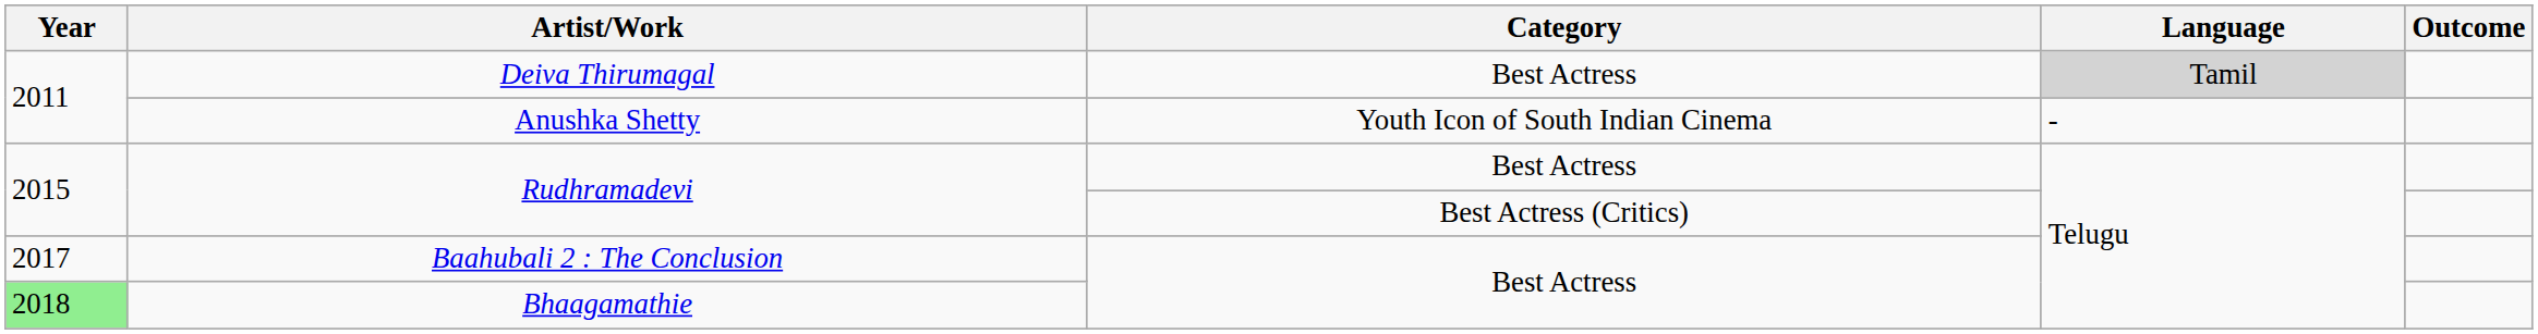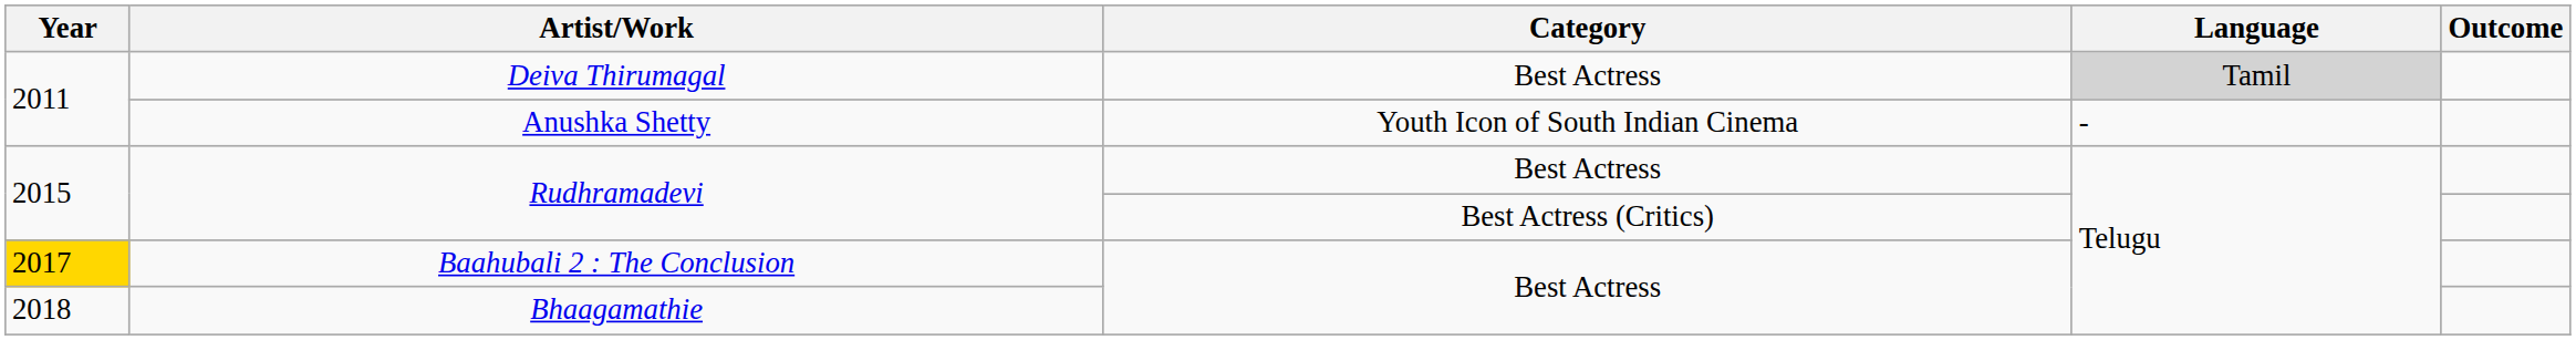 <table class="wikitable" style="width:70%;">
 <tr>
 <th width=5%>Year</th>
 <th style="width:40%;">Artist/Work</th>
 <th style="width:40%;">Category</th>
 <th style="width:40%;">Language</th>
 <th>Outcome</th>
 </tr>
 <tr>
 <td rowspan="2" style="text-align:left;">2011</td>
 <td style="text-align:center;"><em><a href='#'>Deiva Thirumagal</a></em></td>
 <td style="text-align:center;">Best Actress</td>
 <td style="background: lightgrey; text-align:center;">Tamil</td>
 <td></td>
 </tr>
 <tr>
 <td style="text-align:center;"><a href='#'>Anushka Shetty</a></td>
 <td style="text-align:center;">Youth Icon of South Indian Cinema</td>
 <td>-</td>
 <td></td>
 </tr>
 <tr>
 <td rowspan="2" style="text-align:left;">2015</td>
 <td rowspan="2" style="text-align:center;"><em><a href='#'>Rudhramadevi</a></em></td>
 <td style="text-align:center;">Best Actress</td>
 <td rowspan="4">Telugu</td>
 <td></td>
 </tr>
 <tr>
 <td style="text-align:center;">Best Actress (Critics)</td>
 <td></td>
 </tr>
 <tr>
-<td>2017</td>
+<td style="background: gold;">2017</td>
 <td style="text-align:center;"><a href='#'><em>Baahubali 2 : The Conclusion</em></a></td>
 <td style="text-align:center;" rowspan="2">Best Actress</td>
 <td></td>
 </tr>
 <tr>
-<td style="background: lightgreen;">2018</td>
+<td>2018</td>
 <td style="text-align:center;"><em><a href='#'>Bhaagamathie</a></em></td>
 <td></td>
 </tr>
 </table>
